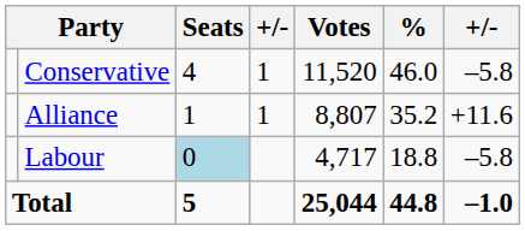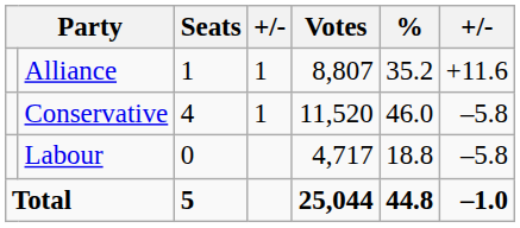 <table class="wikitable sortable">
 <tr>
 <th colspan="2">Party</th>
 <th>Seats</th>
 <th>+/-</th>
 <th>Votes</th>
 <th>%</th>
 <th>+/-</th>
+</tr>
+<tr>
+<td style="background-color: "></td>
+<td><a href='#'>Alliance</a></td>
+<td>1</td>
+<td> 1</td>
+<td style="text-align:right;">8,807</td>
+<td style="text-align:right;">35.2</td>
+<td style="text-align:right;">+11.6</td>
 </tr>
 <tr>
 <td style="background-color: "></td>
 <td><a href='#'>Conservative</a></td>
 <td>4</td>
 <td> 1</td>
 <td style="text-align:right;">11,520</td>
 <td style="text-align:right;">46.0</td>
 <td style="text-align:right;">–5.8</td>
 </tr>
 <tr>
 <td style="background-color: "></td>
-<td><a href='#'>Alliance</a></td>
-<td>1</td>
-<td> 1</td>
-<td style="text-align:right;">8,807</td>
-<td style="text-align:right;">35.2</td>
-<td style="text-align:right;">+11.6</td>
-</tr>
-<tr>
-<td style="background-color: "></td>
 <td><a href='#'>Labour</a></td>
-<td style="background: lightblue;">0</td>
+<td>0</td>
 <td></td>
 <td style="text-align:right;">4,717</td>
 <td style="text-align:right;">18.8</td>
 <td style="text-align:right;">–5.8</td>
 </tr>
 <tr>
 <td colspan="2"><strong>Total</strong></td>
 <td><strong>5</strong></td>
 <td></td>
 <td style="text-align:right;"><strong>25,044</strong></td>
 <td style="text-align:right;"><strong>44.8</strong></td>
 <td style="text-align:right;"><strong>–1.0</strong></td>
 </tr>
 </table>
